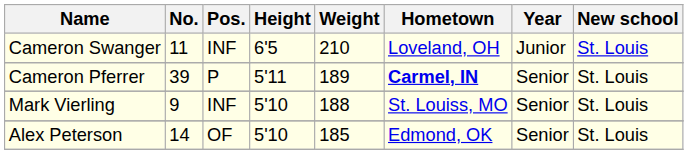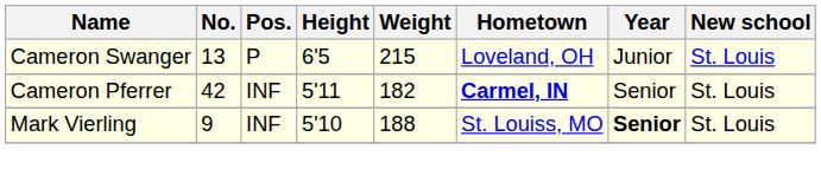 <table class="wikitable sortable">
 <tr>
 <th style="text-align:center; ">Name</th>
 <th style="text-align:center; ">No.</th>
 <th style="text-align:center; ">Pos.</th>
 <th style="text-align:center; ">Height</th>
 <th style="text-align:center; ">Weight</th>
 <th style="text-align:center; ">Hometown</th>
 <th style="text-align:center; ">Year</th>
 <th style="text-align:center; ">New school</th>
 </tr>
 <tr style="background:#FFFFE6;">
 <td>Cameron Swanger</td>
-<td>11</td>
-<td>INF</td>
+<td>13</td>
+<td>P</td>
 <td>6'5</td>
-<td>210</td>
+<td>215</td>
 <td><a href='#'>Loveland, OH</a></td>
 <td>Junior</td>
 <td><a href='#'>St. Louis</a></td>
 </tr>
 <tr>
 </tr>
 <tr style="background:#FFFFE6;">
 <td>Cameron Pferrer</td>
-<td>39</td>
-<td>P</td>
+<td>42</td>
+<td>INF</td>
 <td>5'11</td>
-<td>189</td>
+<td>182</td>
 <td><strong><a href='#'>Carmel, IN</a></strong></td>
 <td>Senior</td>
 <td>St. Louis</td>
 </tr>
 <tr>
 </tr>
 <tr style="background:#FFFFE6;">
 <td>Mark Vierling</td>
 <td>9</td>
 <td>INF</td>
 <td>5'10</td>
 <td>188</td>
 <td><a href='#'>St. Louiss, MO</a></td>
-<td>Senior</td>
+<td><strong>Senior</strong></td>
 <td>St. Louis</td>
 </tr>
 <tr>
 </tr>
-<tr style="background:#FFFFE6;">
-<td>Alex Peterson</td>
-<td>14</td>
-<td>OF</td>
-<td>5'10</td>
-<td>185</td>
-<td><a href='#'>Edmond, OK</a></td>
-<td>Senior</td>
-<td>St. Louis</td>
-</tr>
 <tr>
 </tr>
 </table>
